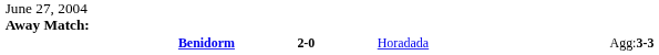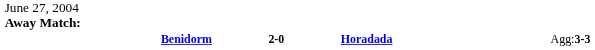 <table width=100% cellspacing=1>
 <tr>
 <th width=20%></th>
 <th width=12%></th>
 <th width=20%></th>
 <th></th>
 </tr>
 <tr>
 <td>June 27, 2004<br><strong>Away Match:</strong></td>
 </tr>
 <tr style=font-size:90%>
 <td align=right><strong><a href='#'>Benidorm</a></strong></td>
 <td align=center><strong>2-0</strong></td>
-<td><a href='#'>Horadada</a></td>
+<td><strong><a href='#'>Horadada</a></strong></td>
 <td>Agg:<strong>3-3</strong></td>
 </tr>
 </table>
